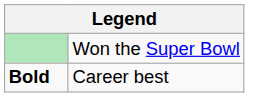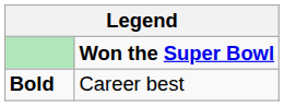 <table class="wikitable">
 <tr>
 <th colspan="2">Legend</th>
 </tr>
 <tr>
 <td style="background:#afe6ba; width:3em;"></td>
-<td>Won the <a href='#'>Super Bowl</a></td>
+<td><strong>Won the <a href='#'>Super Bowl</a></strong></td>
 </tr>
 <tr>
 <td><strong>Bold</strong></td>
 <td>Career best</td>
 </tr>
 </table>
